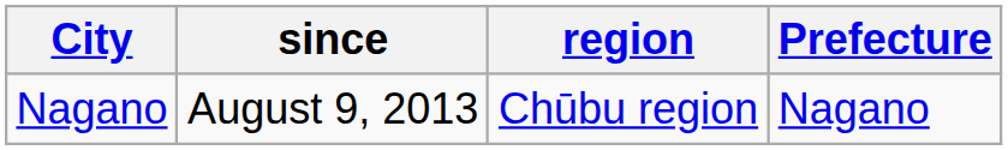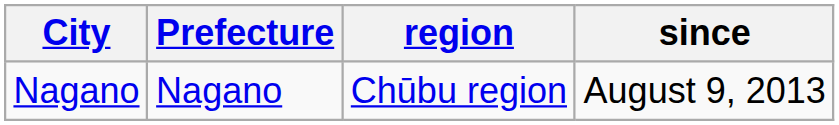 <table class="wikitable">
 <tr>
 <th><a href='#'>City</a></th>
+<th><a href='#'>Prefecture</a></th>
+<th><a href='#'>region</a></th>
 <th>since</th>
-<th><a href='#'>region</a></th>
-<th><a href='#'>Prefecture</a></th>
 </tr>
 <tr>
 <td> <a href='#'>Nagano</a></td>
+<td> <a href='#'>Nagano</a></td>
+<td><a href='#'>Chūbu region</a></td>
 <td>August 9, 2013</td>
-<td><a href='#'>Chūbu region</a></td>
-<td> <a href='#'>Nagano</a></td>
 </tr>
 </table>
